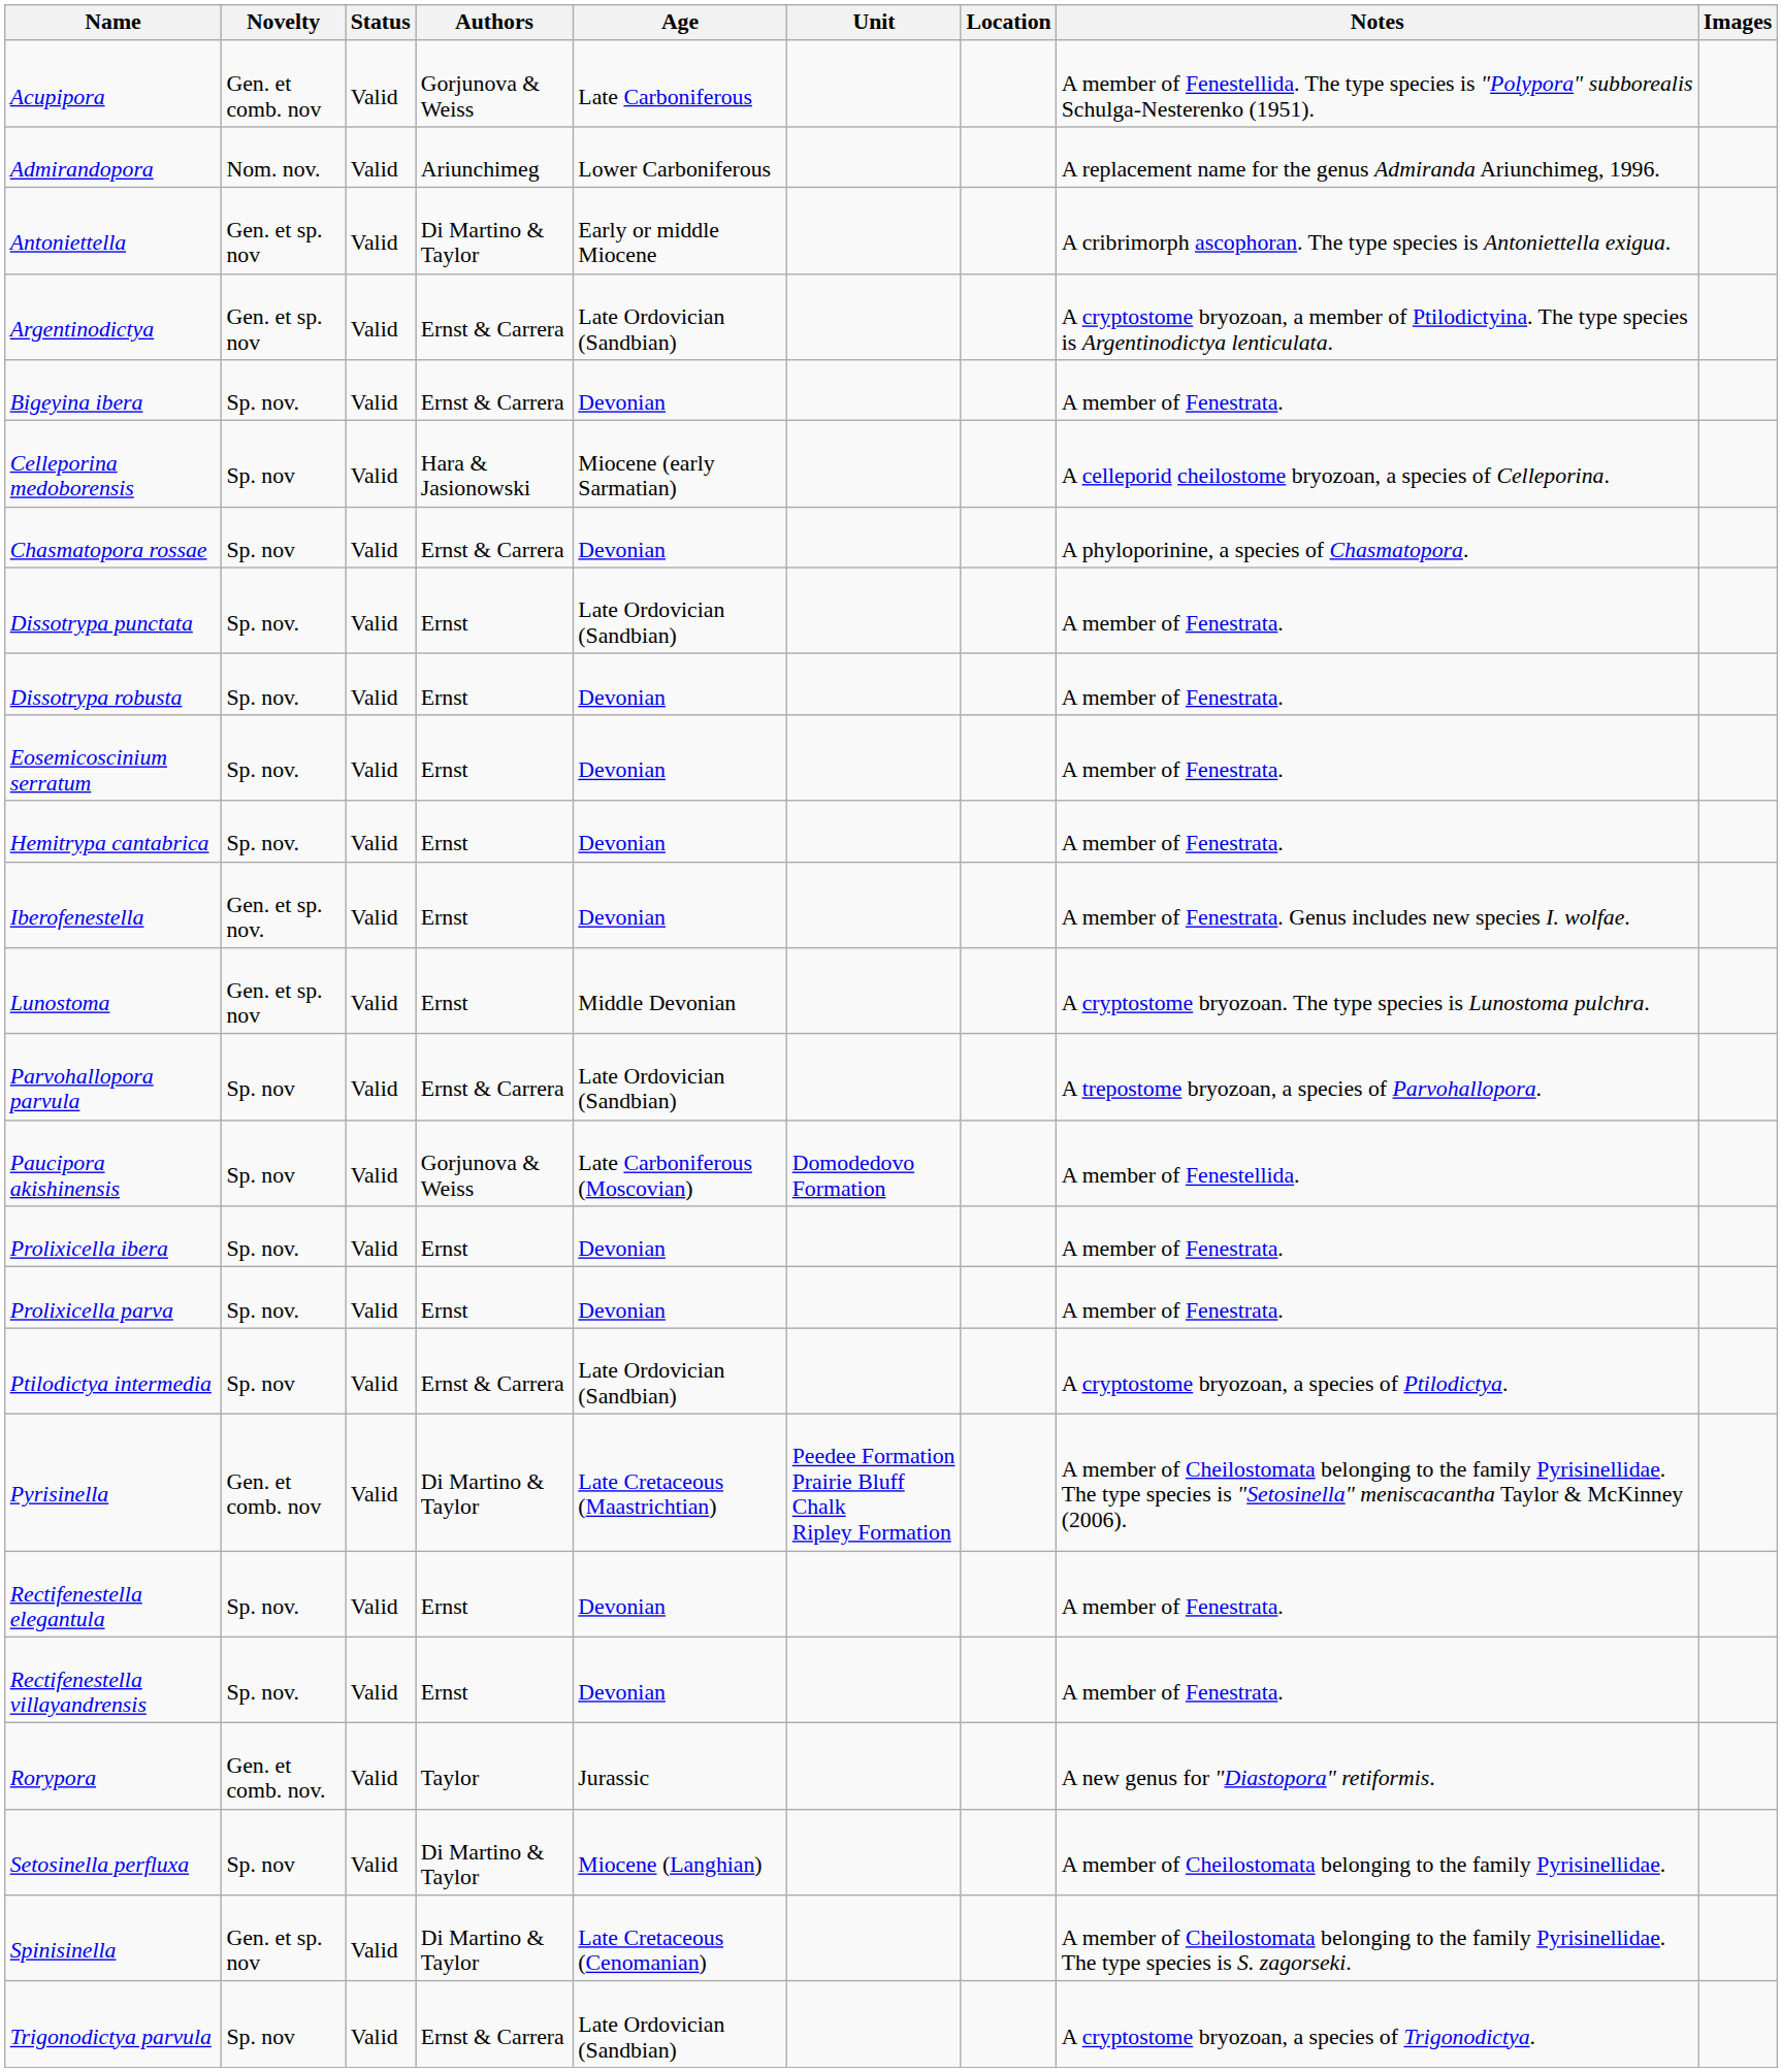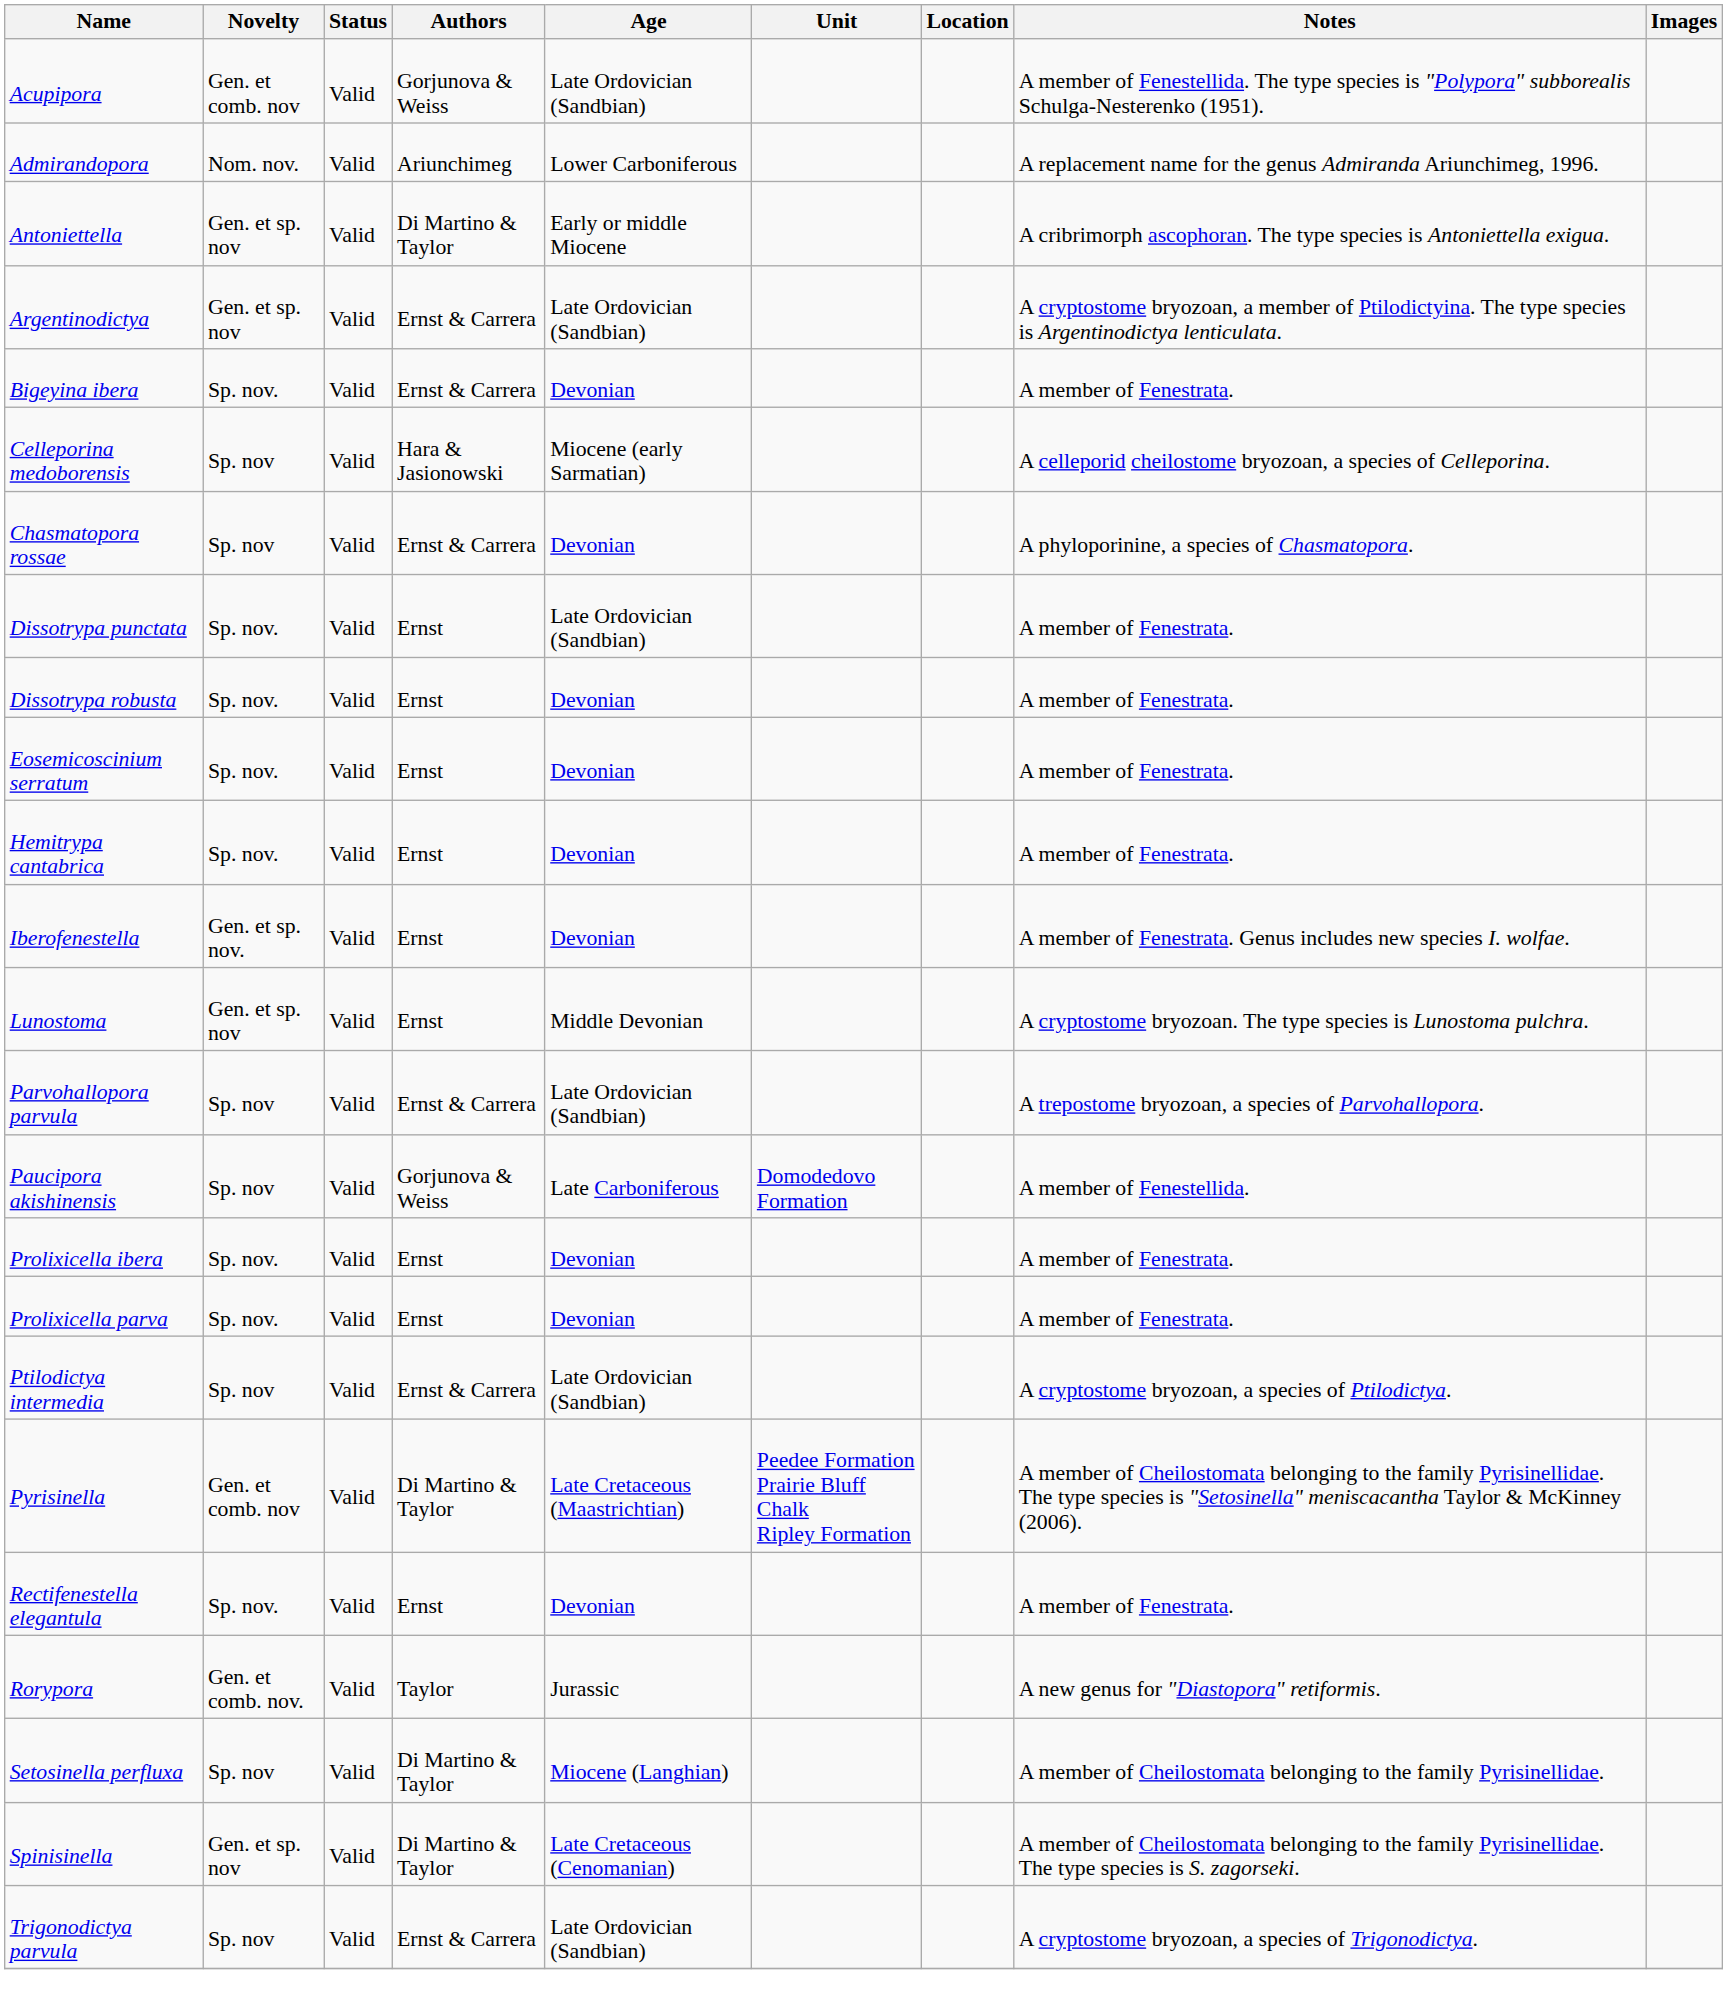 <table class="wikitable sortable" align="center" width="100%">
 <tr>
 <th>Name</th>
 <th>Novelty</th>
 <th>Status</th>
 <th>Authors</th>
 <th>Age</th>
 <th>Unit</th>
 <th>Location</th>
 <th>Notes</th>
 <th>Images</th>
 </tr>
 <tr>
 <td><br><em><a href='#'>Acupipora</a></em></td>
 <td><br>Gen. et comb. nov</td>
 <td><br>Valid</td>
 <td><br>Gorjunova & Weiss</td>
-<td><br>Late <a href='#'>Carboniferous</a></td>
+<td><br>Late Ordovician (Sandbian)</td>
 <td></td>
 <td><br></td>
 <td><br>A member of <a href='#'>Fenestellida</a>. The type species is <em>"<a href='#'>Polypora</a>" subborealis</em> Schulga-Nesterenko (1951).</td>
 <td></td>
 </tr>
 <tr>
 <td><br><em><a href='#'>Admirandopora</a></em></td>
 <td><br>Nom. nov.</td>
 <td><br>Valid</td>
 <td><br>Ariunchimeg</td>
 <td><br>Lower Carboniferous</td>
 <td></td>
 <td><br></td>
 <td><br>A replacement name for the genus <em>Admiranda</em> Ariunchimeg, 1996.</td>
 <td></td>
 </tr>
 <tr>
 <td><br><em><a href='#'>Antoniettella</a></em></td>
 <td><br>Gen. et sp. nov</td>
 <td><br>Valid</td>
 <td><br>Di Martino & Taylor</td>
 <td><br>Early or middle Miocene</td>
 <td></td>
 <td><br></td>
 <td><br>A cribrimorph <a href='#'>ascophoran</a>. The type species is <em>Antoniettella exigua</em>.</td>
 <td></td>
 </tr>
 <tr>
 <td><br><em><a href='#'>Argentinodictya</a></em></td>
 <td><br>Gen. et sp. nov</td>
 <td><br>Valid</td>
 <td><br>Ernst & Carrera</td>
 <td><br>Late Ordovician (Sandbian)</td>
 <td></td>
 <td><br></td>
 <td><br>A <a href='#'>cryptostome</a> bryozoan, a member of <a href='#'>Ptilodictyina</a>. The type species is <em>Argentinodictya lenticulata</em>.</td>
 <td></td>
 </tr>
 <tr>
 <td><br><em><a href='#'>Bigeyina ibera</a></em></td>
 <td><br>Sp. nov.</td>
 <td><br>Valid</td>
 <td><br>Ernst & Carrera</td>
 <td><br><a href='#'>Devonian</a></td>
 <td></td>
 <td><br></td>
 <td><br>A member of <a href='#'>Fenestrata</a>.</td>
 <td></td>
 </tr>
 <tr>
 <td><br><em><a href='#'>Celleporina medoborensis</a></em></td>
 <td><br>Sp. nov</td>
 <td><br>Valid</td>
 <td><br>Hara & Jasionowski</td>
 <td><br>Miocene (early Sarmatian)</td>
 <td></td>
 <td><br></td>
 <td><br>A <a href='#'>celleporid</a> <a href='#'>cheilostome</a> bryozoan, a species of <em>Celleporina</em>.</td>
 <td></td>
 </tr>
 <tr>
 <td><br><em><a href='#'>Chasmatopora rossae</a></em></td>
 <td><br>Sp. nov</td>
 <td><br>Valid</td>
 <td><br>Ernst & Carrera</td>
 <td><br><a href='#'>Devonian</a></td>
 <td></td>
 <td><br></td>
 <td><br>A phyloporinine, a species of <em><a href='#'>Chasmatopora</a></em>.</td>
 <td></td>
 </tr>
 <tr>
 <td><br><em><a href='#'>Dissotrypa punctata</a></em></td>
 <td><br>Sp. nov.</td>
 <td><br>Valid</td>
 <td><br>Ernst</td>
 <td><br>Late Ordovician (Sandbian)</td>
 <td></td>
 <td><br></td>
 <td><br>A member of <a href='#'>Fenestrata</a>.</td>
 <td></td>
 </tr>
 <tr>
 <td><br><em><a href='#'>Dissotrypa robusta</a></em></td>
 <td><br>Sp. nov.</td>
 <td><br>Valid</td>
 <td><br>Ernst</td>
 <td><br><a href='#'>Devonian</a></td>
 <td></td>
 <td><br></td>
 <td><br>A member of <a href='#'>Fenestrata</a>.</td>
 <td></td>
 </tr>
 <tr>
 <td><br><em><a href='#'>Eosemicoscinium serratum</a></em></td>
 <td><br>Sp. nov.</td>
 <td><br>Valid</td>
 <td><br>Ernst</td>
 <td><br><a href='#'>Devonian</a></td>
 <td></td>
 <td><br></td>
 <td><br>A member of <a href='#'>Fenestrata</a>.</td>
 <td></td>
 </tr>
 <tr>
 <td><br><em><a href='#'>Hemitrypa cantabrica</a></em></td>
 <td><br>Sp. nov.</td>
 <td><br>Valid</td>
 <td><br>Ernst</td>
 <td><br><a href='#'>Devonian</a></td>
 <td></td>
 <td><br></td>
 <td><br>A member of <a href='#'>Fenestrata</a>.</td>
 <td></td>
 </tr>
 <tr>
 <td><br><em><a href='#'>Iberofenestella</a></em></td>
 <td><br>Gen. et sp. nov.</td>
 <td><br>Valid</td>
 <td><br>Ernst</td>
 <td><br><a href='#'>Devonian</a></td>
 <td></td>
 <td><br></td>
 <td><br>A member of <a href='#'>Fenestrata</a>. Genus includes new species <em>I. wolfae</em>.</td>
 <td></td>
 </tr>
 <tr>
 <td><br><em><a href='#'>Lunostoma</a></em></td>
 <td><br>Gen. et sp. nov</td>
 <td><br>Valid</td>
 <td><br>Ernst</td>
 <td><br>Middle Devonian</td>
 <td></td>
 <td><br></td>
 <td><br>A <a href='#'>cryptostome</a> bryozoan. The type species is <em>Lunostoma pulchra</em>.</td>
 <td></td>
 </tr>
 <tr>
 <td><br><em><a href='#'>Parvohallopora parvula</a></em></td>
 <td><br>Sp. nov</td>
 <td><br>Valid</td>
 <td><br>Ernst & Carrera</td>
 <td><br>Late Ordovician (Sandbian)</td>
 <td></td>
 <td><br></td>
 <td><br>A <a href='#'>trepostome</a> bryozoan, a species of <em><a href='#'>Parvohallopora</a></em>.</td>
 <td></td>
 </tr>
 <tr>
 <td><br><em><a href='#'>Paucipora akishinensis</a></em></td>
 <td><br>Sp. nov</td>
 <td><br>Valid</td>
 <td><br>Gorjunova & Weiss</td>
-<td><br>Late <a href='#'>Carboniferous</a> (<a href='#'>Moscovian</a>)</td>
+<td><br>Late <a href='#'>Carboniferous</a></td>
 <td><br><a href='#'>Domodedovo Formation</a></td>
 <td><br></td>
 <td><br>A member of <a href='#'>Fenestellida</a>.</td>
 <td></td>
 </tr>
 <tr>
 <td><br><em><a href='#'>Prolixicella ibera</a></em></td>
 <td><br>Sp. nov.</td>
 <td><br>Valid</td>
 <td><br>Ernst</td>
 <td><br><a href='#'>Devonian</a></td>
 <td></td>
 <td><br></td>
 <td><br>A member of <a href='#'>Fenestrata</a>.</td>
 <td></td>
 </tr>
 <tr>
 <td><br><em><a href='#'>Prolixicella parva</a></em></td>
 <td><br>Sp. nov.</td>
 <td><br>Valid</td>
 <td><br>Ernst</td>
 <td><br><a href='#'>Devonian</a></td>
 <td></td>
 <td><br></td>
 <td><br>A member of <a href='#'>Fenestrata</a>.</td>
 <td></td>
 </tr>
 <tr>
 <td><br><em><a href='#'>Ptilodictya intermedia</a></em></td>
 <td><br>Sp. nov</td>
 <td><br>Valid</td>
 <td><br>Ernst & Carrera</td>
 <td><br>Late Ordovician (Sandbian)</td>
 <td></td>
 <td><br></td>
 <td><br>A <a href='#'>cryptostome</a> bryozoan, a species of <em><a href='#'>Ptilodictya</a></em>.</td>
 <td></td>
 </tr>
 <tr>
 <td><br><em><a href='#'>Pyrisinella</a></em></td>
 <td><br>Gen. et comb. nov</td>
 <td><br>Valid</td>
 <td><br>Di Martino & Taylor</td>
 <td><br><a href='#'>Late Cretaceous</a> (<a href='#'>Maastrichtian</a>)</td>
 <td><br><a href='#'>Peedee Formation</a><br> <a href='#'>Prairie Bluff Chalk</a><br> <a href='#'>Ripley Formation</a></td>
 <td><br></td>
 <td><br>A member of <a href='#'>Cheilostomata</a> belonging to the family <a href='#'>Pyrisinellidae</a>. The type species is <em>"<a href='#'>Setosinella</a>" meniscacantha</em> Taylor & McKinney (2006).</td>
 <td></td>
 </tr>
 <tr>
 <td><br><em><a href='#'>Rectifenestella elegantula</a></em></td>
 <td><br>Sp. nov.</td>
 <td><br>Valid</td>
 <td><br>Ernst</td>
 <td><br><a href='#'>Devonian</a></td>
 <td></td>
 <td><br></td>
 <td><br>A member of <a href='#'>Fenestrata</a>.</td>
 <td></td>
 </tr>
 <tr>
-<td><br><em><a href='#'>Rectifenestella villayandrensis</a></em></td>
-<td><br>Sp. nov.</td>
-<td><br>Valid</td>
-<td><br>Ernst</td>
-<td><br><a href='#'>Devonian</a></td>
-<td></td>
-<td><br></td>
-<td><br>A member of <a href='#'>Fenestrata</a>.</td>
-<td></td>
-</tr>
-<tr>
 <td><br><em><a href='#'>Rorypora</a></em></td>
 <td><br>Gen. et comb. nov.</td>
 <td><br>Valid</td>
 <td><br>Taylor</td>
 <td><br>Jurassic</td>
 <td></td>
 <td><br></td>
 <td><br>A new genus for <em>"<a href='#'>Diastopora</a>" retiformis</em>.</td>
 <td></td>
 </tr>
 <tr>
 <td><br><em><a href='#'>Setosinella perfluxa</a></em></td>
 <td><br>Sp. nov</td>
 <td><br>Valid</td>
 <td><br>Di Martino & Taylor</td>
 <td><br><a href='#'>Miocene</a> (<a href='#'>Langhian</a>)</td>
 <td></td>
 <td><br></td>
 <td><br>A member of <a href='#'>Cheilostomata</a> belonging to the family <a href='#'>Pyrisinellidae</a>.</td>
 <td></td>
 </tr>
 <tr>
 <td><br><em><a href='#'>Spinisinella</a></em></td>
 <td><br>Gen. et sp. nov</td>
 <td><br>Valid</td>
 <td><br>Di Martino & Taylor</td>
 <td><br><a href='#'>Late Cretaceous</a> (<a href='#'>Cenomanian</a>)</td>
 <td></td>
 <td><br><br> </td>
 <td><br>A member of <a href='#'>Cheilostomata</a> belonging to the family <a href='#'>Pyrisinellidae</a>. The type species is <em>S. zagorseki</em>.</td>
 <td></td>
 </tr>
 <tr>
 <td><br><em><a href='#'>Trigonodictya parvula</a></em></td>
 <td><br>Sp. nov</td>
 <td><br>Valid</td>
 <td><br>Ernst & Carrera</td>
 <td><br>Late Ordovician (Sandbian)</td>
 <td></td>
 <td><br></td>
 <td><br>A <a href='#'>cryptostome</a> bryozoan, a species of <em><a href='#'>Trigonodictya</a></em>.</td>
 <td></td>
 </tr>
 <tr>
 </tr>
 </table>
